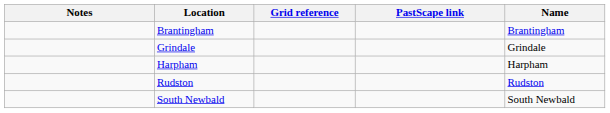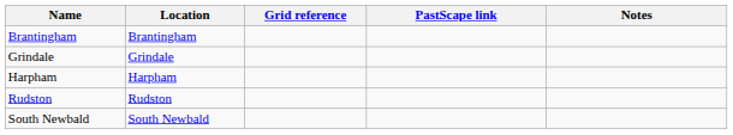 <table class="wikitable sortable" border="1" style="width: 100%">
 <tr>
-<th scope="col" class="unsortable" width="25%">Notes</th>
+<th scope="col">Name</th>
 <th scope="col">Location</th>
 <th scope="col"><a href='#'>Grid reference</a></th>
 <th scope="col" class="unsortable" width="25%"><a href='#'>PastScape link</a></th>
-<th scope="col">Name</th>
+<th scope="col" class="unsortable" width="25%">Notes</th>
 </tr>
 <tr>
-<td></td>
+<td><a href='#'>Brantingham</a></td>
 <td><a href='#'>Brantingham</a></td>
 <td></td>
 <td></td>
-<td><a href='#'>Brantingham</a></td>
+<td></td>
 </tr>
 <tr>
-<td></td>
+<td>Grindale</td>
 <td><a href='#'>Grindale</a></td>
 <td></td>
 <td></td>
-<td>Grindale</td>
+<td></td>
 </tr>
 <tr>
-<td></td>
+<td>Harpham</td>
 <td><a href='#'>Harpham</a></td>
 <td></td>
 <td></td>
-<td>Harpham</td>
+<td></td>
 </tr>
 <tr>
-<td></td>
+<td><a href='#'>Rudston</a></td>
 <td><a href='#'>Rudston</a></td>
 <td></td>
 <td></td>
-<td><a href='#'>Rudston</a></td>
+<td></td>
 </tr>
 <tr>
-<td></td>
+<td>South Newbald</td>
 <td><a href='#'>South Newbald</a></td>
 <td></td>
 <td></td>
-<td>South Newbald</td>
+<td></td>
 </tr>
 </table>
